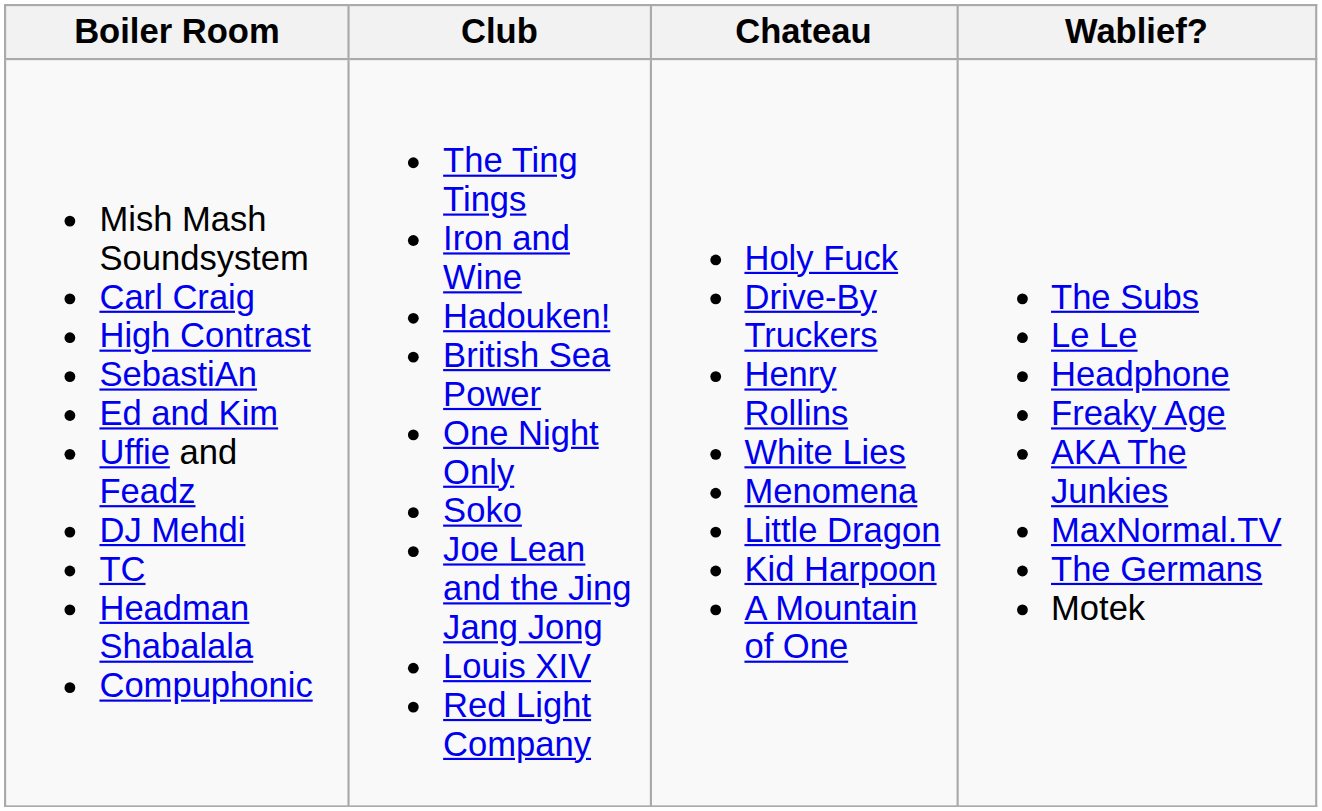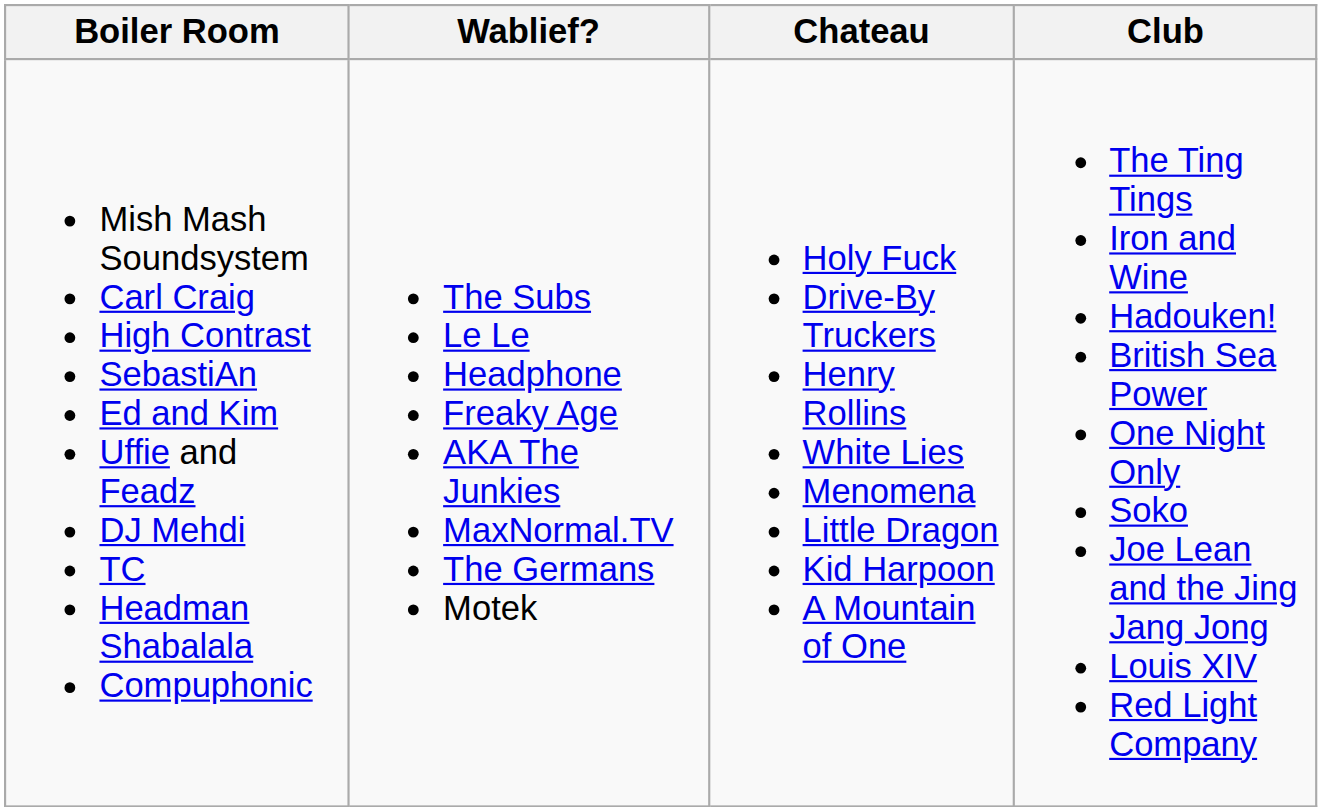 <table class="wikitable">
 <tr>
 <th width="300" rowspan="1">Boiler Room</th>
+<th width="300" rowspan="1">Wablief?</th>
+<th width="300" rowspan="1">Chateau</th>
 <th width="300" rowspan="1">Club</th>
-<th width="300" rowspan="1">Chateau</th>
-<th width="300" rowspan="1">Wablief?</th>
 </tr>
 <tr>
 <td><br><ul><li>Mish Mash Soundsystem</li><li><a href='#'>Carl Craig</a></li><li><a href='#'>High Contrast</a></li><li><a href='#'>SebastiAn</a></li><li><a href='#'>Ed and Kim</a></li><li><a href='#'>Uffie</a> and <a href='#'>Feadz</a></li><li><a href='#'>DJ Mehdi</a></li><li><a href='#'>TC</a></li><li><a href='#'>Headman Shabalala</a></li><li><a href='#'>Compuphonic</a></li></ul></td>
+<td><br><ul><li><a href='#'>The Subs</a></li><li><a href='#'>Le Le</a></li><li><a href='#'>Headphone</a></li><li><a href='#'>Freaky Age</a></li><li><a href='#'>AKA The Junkies</a></li><li><a href='#'>MaxNormal.TV</a></li><li><a href='#'>The Germans</a></li><li>Motek</li></ul></td>
+<td><br><ul><li><a href='#'>Holy Fuck</a></li><li><a href='#'>Drive-By Truckers</a></li><li><a href='#'>Henry Rollins</a></li><li><a href='#'>White Lies</a></li><li><a href='#'>Menomena</a></li><li><a href='#'>Little Dragon</a></li><li><a href='#'>Kid Harpoon</a></li><li><a href='#'>A Mountain of One</a></li></ul></td>
 <td><br><ul><li><a href='#'>The Ting Tings</a></li><li><a href='#'>Iron and Wine</a></li><li><a href='#'>Hadouken!</a></li><li><a href='#'>British Sea Power</a></li><li><a href='#'>One Night Only</a></li><li><a href='#'>Soko</a></li><li><a href='#'>Joe Lean and the Jing Jang Jong</a></li><li><a href='#'>Louis XIV</a></li><li><a href='#'>Red Light Company</a></li></ul></td>
-<td><br><ul><li><a href='#'>Holy Fuck</a></li><li><a href='#'>Drive-By Truckers</a></li><li><a href='#'>Henry Rollins</a></li><li><a href='#'>White Lies</a></li><li><a href='#'>Menomena</a></li><li><a href='#'>Little Dragon</a></li><li><a href='#'>Kid Harpoon</a></li><li><a href='#'>A Mountain of One</a></li></ul></td>
-<td><br><ul><li><a href='#'>The Subs</a></li><li><a href='#'>Le Le</a></li><li><a href='#'>Headphone</a></li><li><a href='#'>Freaky Age</a></li><li><a href='#'>AKA The Junkies</a></li><li><a href='#'>MaxNormal.TV</a></li><li><a href='#'>The Germans</a></li><li>Motek</li></ul></td>
 </tr>
 </table>
